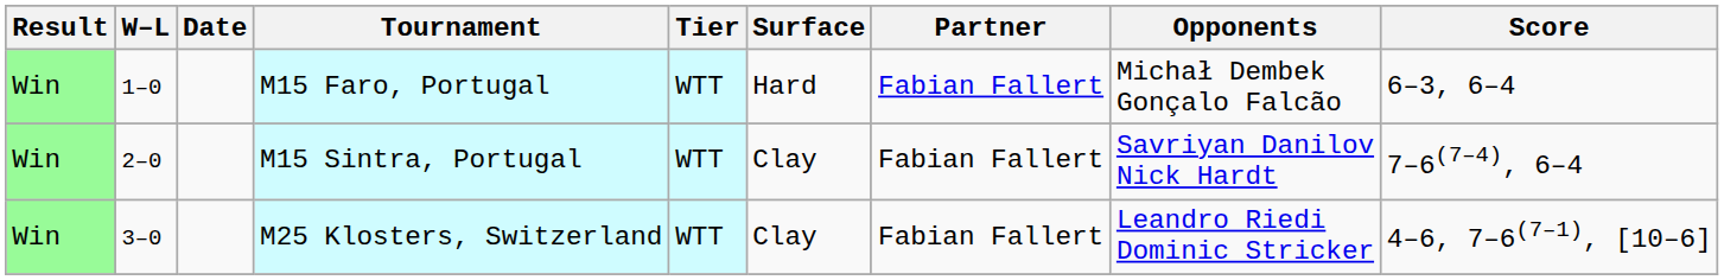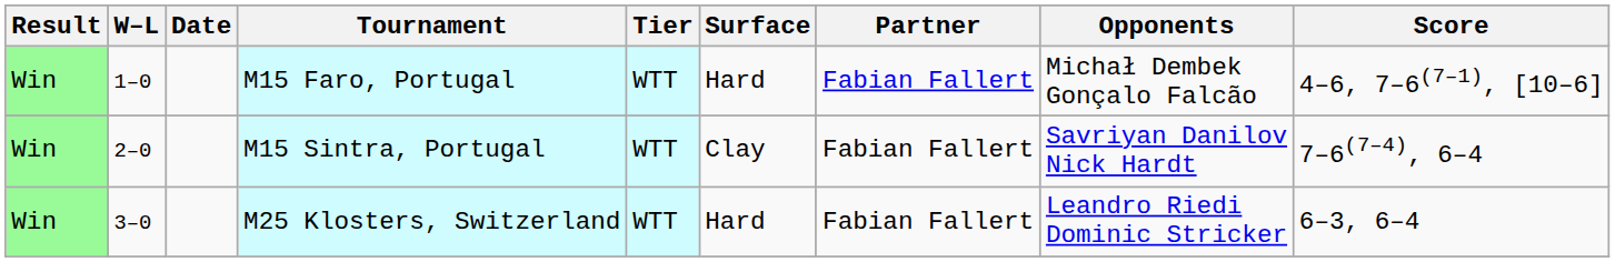 <table class="sortable wikitable">
 <tr>
 <th>Result</th>
 <th class="unsortable">W–L</th>
 <th>Date</th>
 <th>Tournament</th>
 <th>Tier</th>
 <th>Surface</th>
 <th>Partner</th>
 <th>Opponents</th>
 <th class="unsortable">Score</th>
 </tr>
 <tr>
 <td bgcolor=98FB98>Win</td>
 <td><small>1–0</small></td>
 <td></td>
 <td style="background:#cffcff;">M15 Faro, Portugal</td>
 <td style="background:#cffcff;">WTT</td>
 <td>Hard</td>
 <td> <a href='#'>Fabian Fallert</a></td>
 <td> Michał Dembek<br> Gonçalo Falcão</td>
-<td>6–3, 6–4</td>
+<td>4–6, 7–6<sup>(7–1)</sup>, [10–6]</td>
 </tr>
 <tr>
 <td bgcolor=98FB98>Win</td>
 <td><small>2–0</small></td>
 <td></td>
 <td style="background:#cffcff;">M15 Sintra, Portugal</td>
 <td style="background:#cffcff;">WTT</td>
 <td>Clay</td>
 <td> Fabian Fallert</td>
 <td> <a href='#'>Savriyan Danilov</a><br> <a href='#'>Nick Hardt</a></td>
 <td>7–6<sup>(7–4)</sup>, 6–4</td>
 </tr>
 <tr>
 <td bgcolor=98FB98>Win</td>
 <td><small>3–0</small></td>
 <td></td>
 <td style="background:#cffcff;">M25 Klosters, Switzerland</td>
 <td style="background:#cffcff;">WTT</td>
-<td>Clay</td>
+<td>Hard</td>
 <td> Fabian Fallert</td>
 <td> <a href='#'>Leandro Riedi</a><br> <a href='#'>Dominic Stricker</a></td>
-<td>4–6, 7–6<sup>(7–1)</sup>, [10–6]</td>
+<td>6–3, 6–4</td>
 </tr>
 </table>
